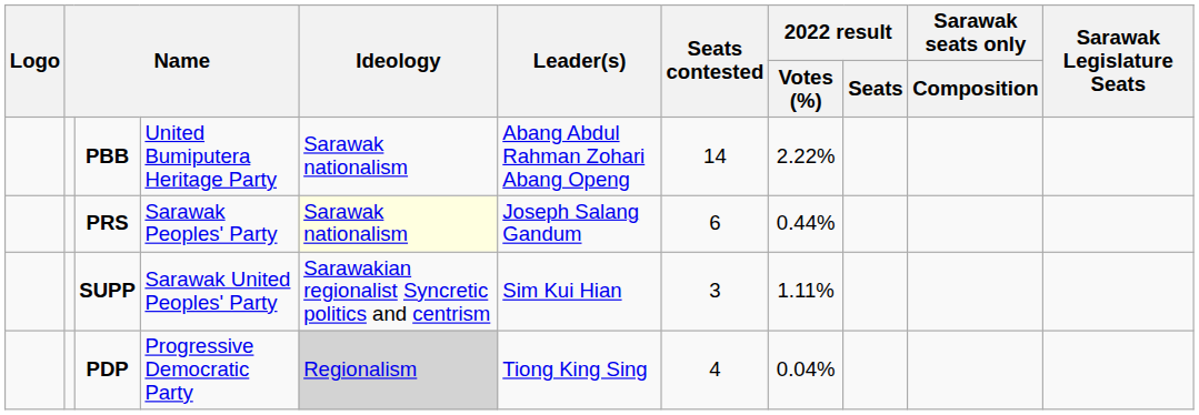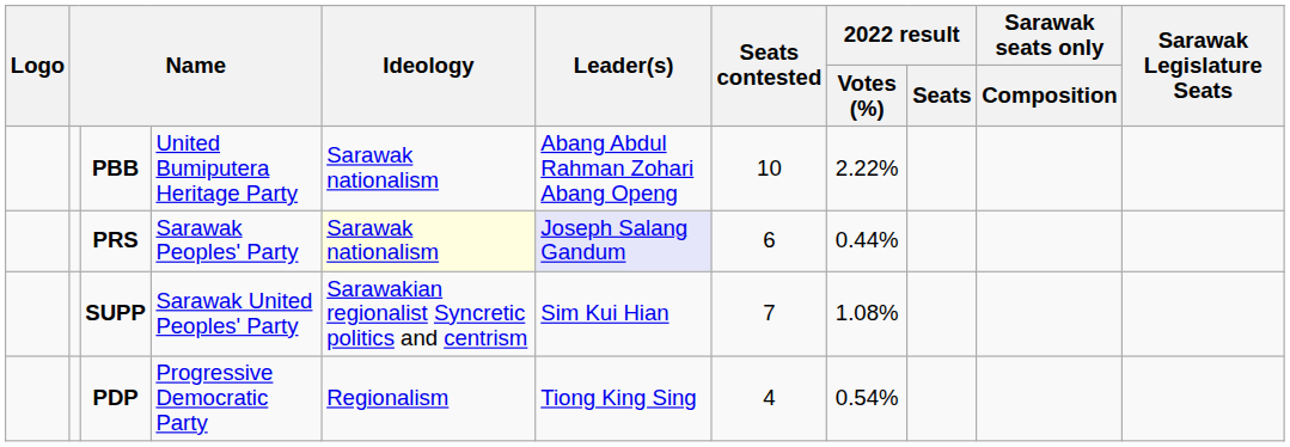 <table class="wikitable" style="width:73%;">
 <tr>
 <th rowspan="2">Logo</th>
 <th rowspan="2" colspan="4">Name</th>
 <th rowspan="2">Ideology</th>
 <th rowspan="2">Leader(s)</th>
 <th rowspan="2">Seats<br>contested</th>
 <th colspan="2">2022 result</th>
 <th>Sarawak<br>seats only</th>
 <th rowspan="2">Sarawak Legislature Seats</th>
 </tr>
 <tr>
 <th>Votes (%)</th>
 <th>Seats</th>
 <th>Composition</th>
 </tr>
 <tr>
 <td></td>
 <td style="background:"></td>
 <td colspan="2" style="text-align:center;"><strong>PBB</strong></td>
 <td><a href='#'>United Bumiputera Heritage Party</a><br></td>
 <td><a href='#'>Sarawak nationalism</a></td>
 <td><a href='#'>Abang Abdul Rahman Zohari Abang Openg</a></td>
-<td style="text-align:center;">14</td>
+<td style="text-align:center;">10</td>
 <td style="text-align:center;">2.22%</td>
 <td></td>
 <td></td>
 <td></td>
 </tr>
 <tr>
 <td></td>
 <td style="background:"></td>
 <td colspan="2" style="text-align:center;"><strong>PRS</strong></td>
 <td><a href='#'>Sarawak Peoples' Party</a><br></td>
 <td style="background: lightyellow;"><a href='#'>Sarawak nationalism</a></td>
-<td><a href='#'>Joseph Salang Gandum</a></td>
+<td style="background: lavender;"><a href='#'>Joseph Salang Gandum</a></td>
 <td style="text-align:center;">6</td>
 <td style="text-align:center;">0.44%</td>
 <td></td>
 <td></td>
 <td></td>
 </tr>
 <tr>
 <td></td>
 <td style="background:"></td>
 <td colspan="2" style="text-align:center;"><strong>SUPP</strong></td>
 <td><a href='#'>Sarawak United Peoples' Party</a><br></td>
 <td><a href='#'>Sarawakian regionalist</a> <a href='#'>Syncretic politics</a> and <a href='#'>centrism</a></td>
 <td><a href='#'>Sim Kui Hian</a></td>
-<td style="text-align:center;">3</td>
-<td style="text-align:center;">1.11%</td>
+<td style="text-align:center;">7</td>
+<td style="text-align:center;">1.08%</td>
 <td></td>
 <td></td>
 <td></td>
 </tr>
 <tr>
 <td></td>
 <td style="background:"></td>
 <td colspan="2" style="text-align:center;"><strong>PDP</strong></td>
 <td><a href='#'>Progressive Democratic Party</a><br></td>
-<td style="background: lightgrey;"><a href='#'>Regionalism</a></td>
+<td><a href='#'>Regionalism</a></td>
 <td><a href='#'>Tiong King Sing</a></td>
 <td style="text-align:center;">4</td>
-<td style="text-align:center;">0.04%</td>
+<td style="text-align:center;">0.54%</td>
 <td></td>
 <td></td>
 <td></td>
 </tr>
 </table>
